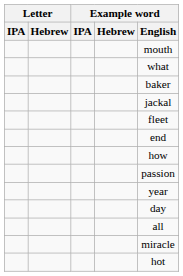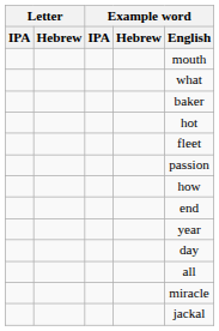 <table class="wikitable" style="text-align: center; margin-right:2em; display:inline-table;">
 <tr>
 <th colspan="2">Letter</th>
 <th colspan="3">Example word</th>
 </tr>
 <tr>
 <th>IPA</th>
 <th>Hebrew</th>
 <th>IPA</th>
 <th>Hebrew</th>
 <th>English</th>
 </tr>
 <tr>
 <td></td>
 <td></td>
 <td></td>
 <td></td>
 <td>mouth</td>
 </tr>
 <tr>
 <td></td>
 <td></td>
 <td></td>
 <td></td>
 <td>what</td>
 </tr>
 <tr>
 <td></td>
 <td></td>
 <td></td>
 <td></td>
 <td>baker</td>
 </tr>
 <tr>
 <td></td>
 <td></td>
 <td></td>
 <td></td>
-<td>jackal</td>
+<td>hot</td>
 </tr>
 <tr>
 <td></td>
 <td></td>
 <td></td>
 <td></td>
 <td>fleet</td>
 </tr>
 <tr>
 <td></td>
 <td></td>
 <td></td>
 <td></td>
-<td>end</td>
+<td>passion</td>
 </tr>
 <tr>
 <td></td>
 <td></td>
 <td></td>
 <td></td>
 <td>how</td>
 </tr>
 <tr>
 <td></td>
 <td></td>
 <td></td>
 <td></td>
-<td>passion</td>
+<td>end</td>
 </tr>
 <tr>
 <td></td>
 <td></td>
 <td></td>
 <td></td>
 <td>year</td>
 </tr>
 <tr>
 <td></td>
 <td></td>
 <td></td>
 <td></td>
 <td>day</td>
 </tr>
 <tr>
 <td></td>
 <td></td>
 <td></td>
 <td></td>
 <td>all</td>
 </tr>
 <tr>
 <td></td>
 <td></td>
 <td></td>
 <td></td>
 <td>miracle</td>
 </tr>
 <tr>
 <td></td>
 <td></td>
 <td></td>
 <td></td>
-<td>hot</td>
+<td>jackal</td>
 </tr>
 </table>
